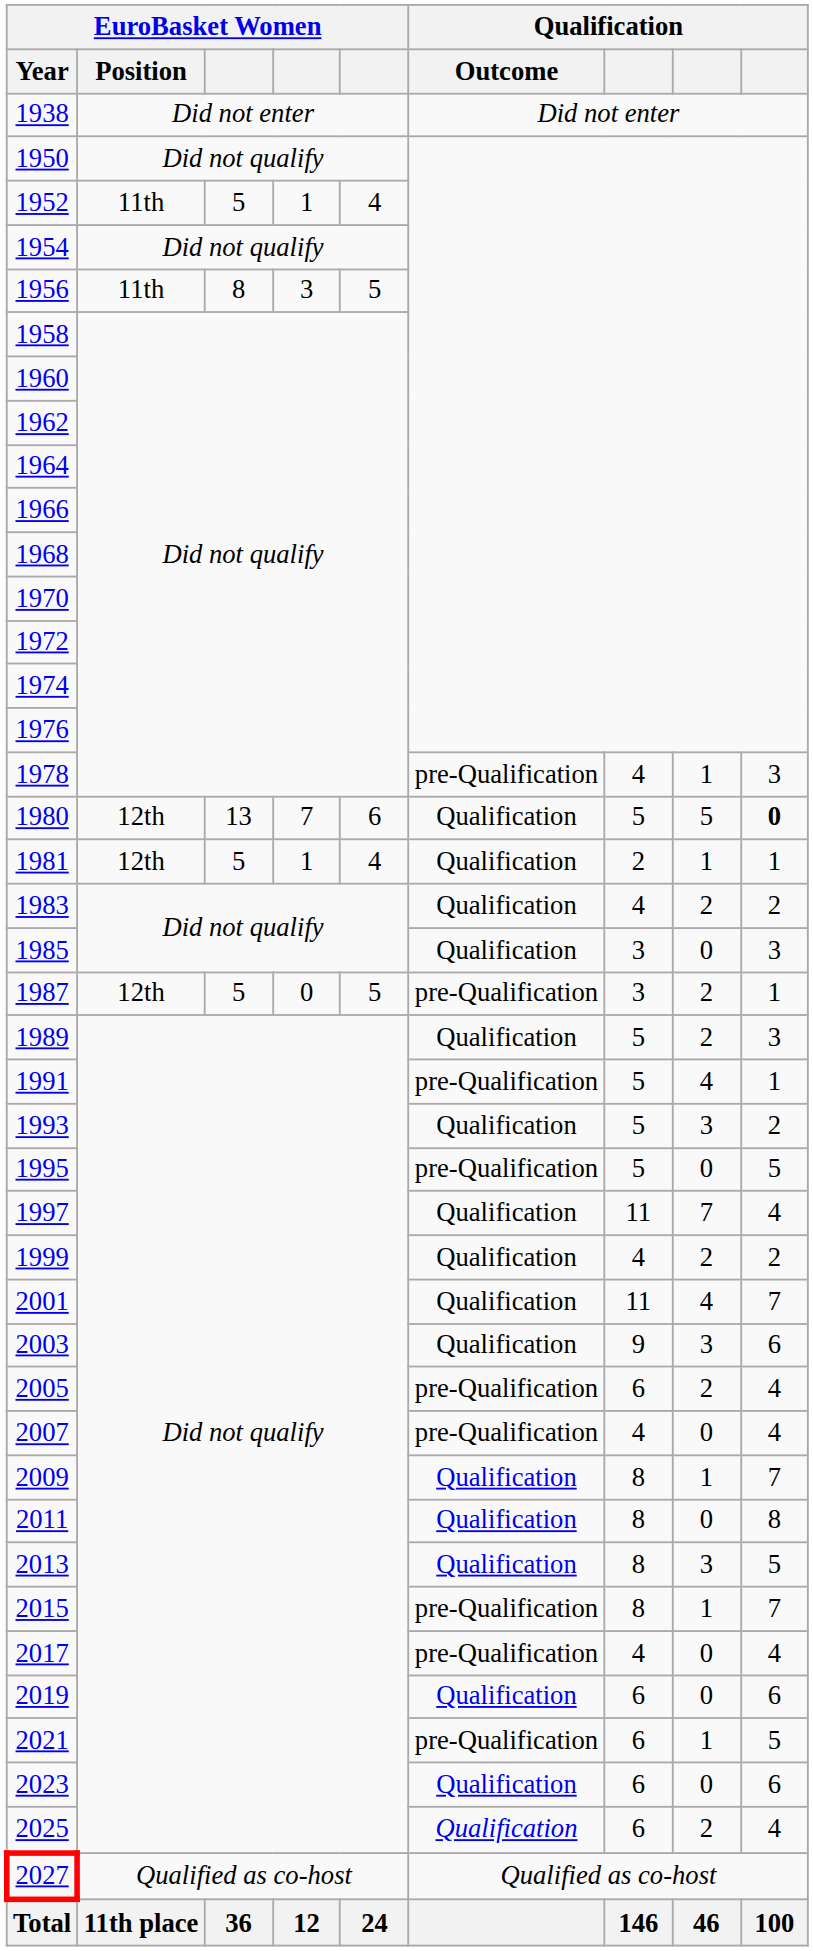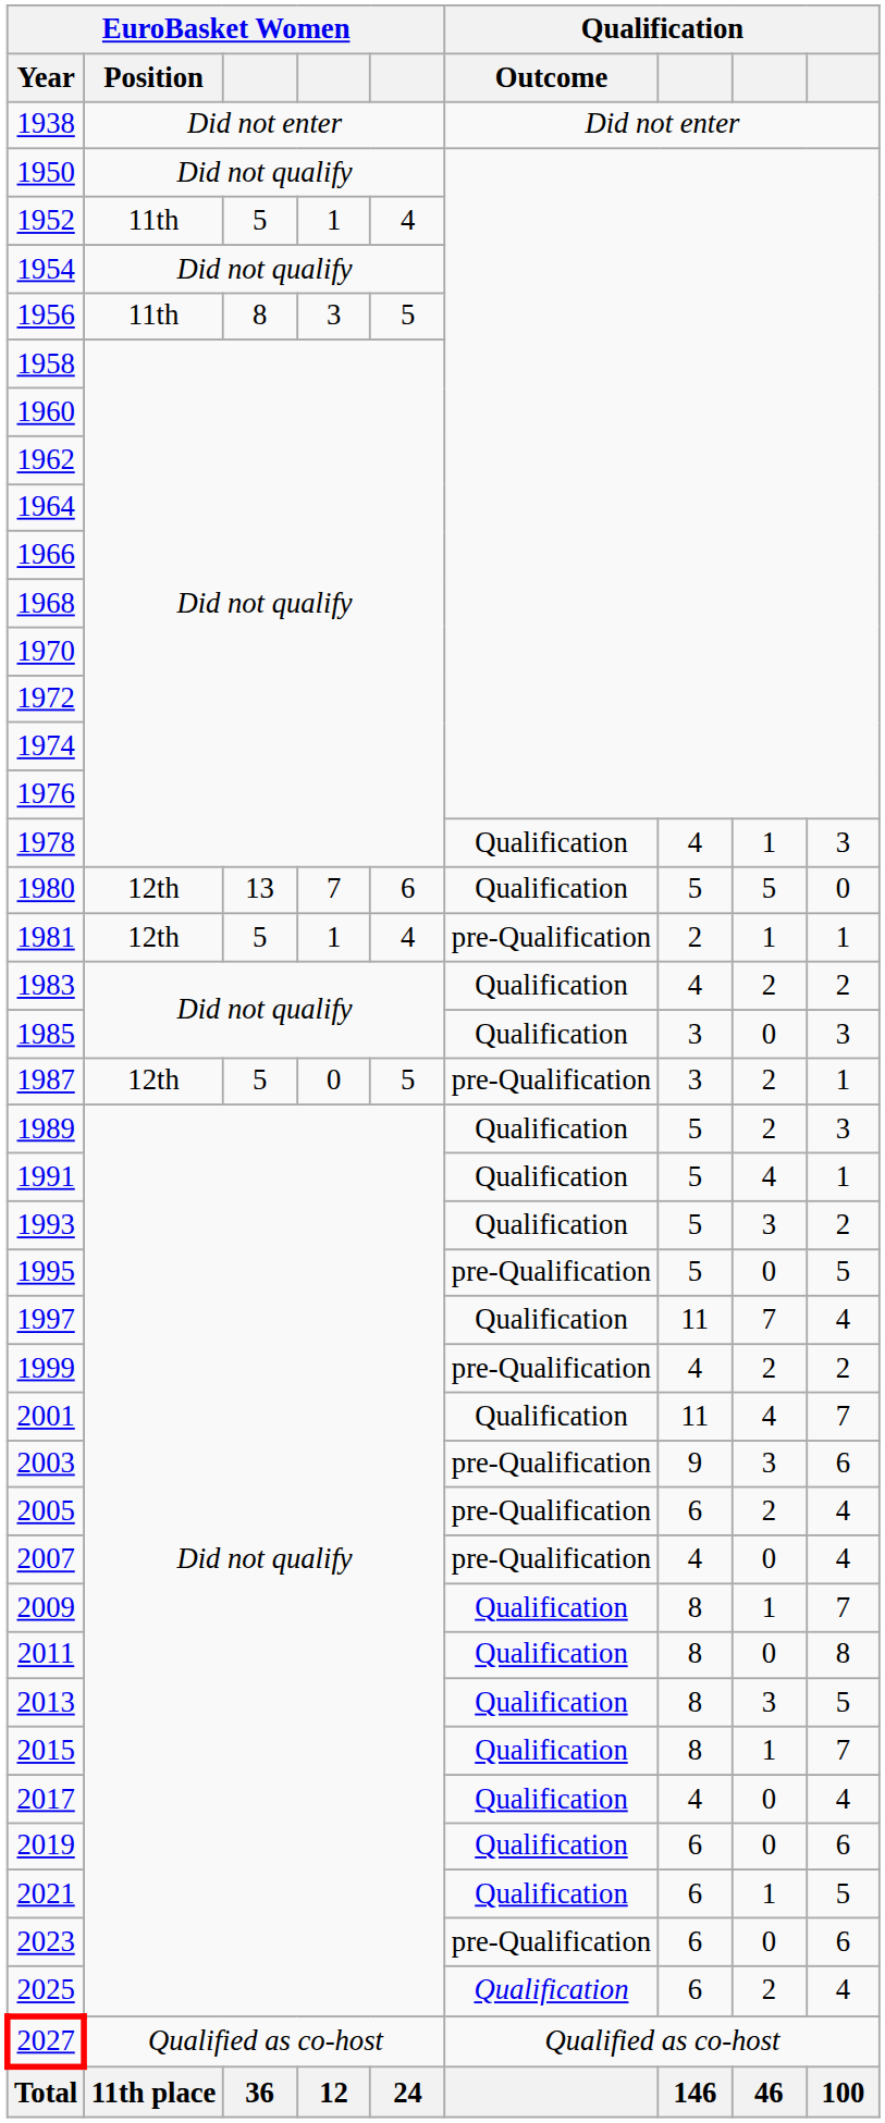 <table class="wikitable" style="text-align: center;font-size:90%;">
 <tr>
 <th colspan="5"><a href='#'>EuroBasket Women</a></th>
 <th colspan=4>Qualification</th>
 </tr>
 <tr>
 <th>Year</th>
 <th>Position</th>
 <th width="30"></th>
 <th width="30"></th>
 <th width="30"></th>
 <th>Outcome</th>
 <th width=30></th>
 <th width=30></th>
 <th width=30></th>
 </tr>
 <tr>
 <td> <a href='#'>1938</a></td>
 <td colspan="4"><em>Did not enter</em></td>
 <td colspan="4"><em>Did not enter</em></td>
 </tr>
 <tr>
 <td> <a href='#'>1950</a></td>
 <td colspan="4"><em>Did not qualify</em></td>
 </tr>
 <tr>
 <td> <a href='#'>1952</a></td>
 <td>11th</td>
 <td>5</td>
 <td>1</td>
 <td>4</td>
 </tr>
 <tr>
 <td> <a href='#'>1954</a></td>
 <td colspan="4"><em>Did not qualify</em></td>
 </tr>
 <tr>
 <td> <a href='#'>1956</a></td>
 <td>11th</td>
 <td>8</td>
 <td>3</td>
 <td>5</td>
 </tr>
 <tr>
 <td> <a href='#'>1958</a></td>
 <td colspan="4" rowspan="11"><em>Did not qualify</em></td>
 </tr>
 <tr>
 <td> <a href='#'>1960</a></td>
 </tr>
 <tr>
 <td> <a href='#'>1962</a></td>
 </tr>
 <tr>
 <td> <a href='#'>1964</a></td>
 </tr>
 <tr>
 <td> <a href='#'>1966</a></td>
 </tr>
 <tr>
 <td> <a href='#'>1968</a></td>
 </tr>
 <tr>
 <td> <a href='#'>1970</a></td>
 </tr>
 <tr>
 <td> <a href='#'>1972</a></td>
 </tr>
 <tr>
 <td> <a href='#'>1974</a></td>
 </tr>
 <tr>
 <td> <a href='#'>1976</a></td>
 </tr>
 <tr>
 <td> <a href='#'>1978</a></td>
-<td>pre-Qualification</td>
+<td>Qualification</td>
 <td>4</td>
 <td>1</td>
 <td>3</td>
 </tr>
 <tr>
 <td> <a href='#'>1980</a></td>
 <td>12th</td>
 <td>13</td>
 <td>7</td>
 <td>6</td>
 <td>Qualification</td>
 <td>5</td>
 <td>5</td>
-<td><strong>0</strong></td>
+<td>0</td>
 </tr>
 <tr>
 <td> <a href='#'>1981</a></td>
 <td>12th</td>
 <td>5</td>
 <td>1</td>
 <td>4</td>
-<td>Qualification</td>
+<td>pre-Qualification</td>
 <td>2</td>
 <td>1</td>
 <td>1</td>
 </tr>
 <tr>
 <td> <a href='#'>1983</a></td>
 <td colspan="4" rowspan="2"><em>Did not qualify</em></td>
 <td>Qualification</td>
 <td>4</td>
 <td>2</td>
 <td>2</td>
 </tr>
 <tr>
 <td> <a href='#'>1985</a></td>
 <td>Qualification</td>
 <td>3</td>
 <td>0</td>
 <td>3</td>
 </tr>
 <tr>
 <td> <a href='#'>1987</a></td>
 <td>12th</td>
 <td>5</td>
 <td>0</td>
 <td>5</td>
 <td>pre-Qualification</td>
 <td>3</td>
 <td>2</td>
 <td>1</td>
 </tr>
 <tr>
 <td> <a href='#'>1989</a></td>
 <td colspan="4" rowspan="19"><em>Did not qualify</em></td>
 <td>Qualification</td>
 <td>5</td>
 <td>2</td>
 <td>3</td>
 </tr>
 <tr>
 <td> <a href='#'>1991</a></td>
-<td>pre-Qualification</td>
+<td>Qualification</td>
 <td>5</td>
 <td>4</td>
 <td>1</td>
 </tr>
 <tr>
 <td> <a href='#'>1993</a></td>
 <td>Qualification</td>
 <td>5</td>
 <td>3</td>
 <td>2</td>
 </tr>
 <tr>
 <td> <a href='#'>1995</a></td>
 <td>pre-Qualification</td>
 <td>5</td>
 <td>0</td>
 <td>5</td>
 </tr>
 <tr>
 <td> <a href='#'>1997</a></td>
 <td>Qualification</td>
 <td>11</td>
 <td>7</td>
 <td>4</td>
 </tr>
 <tr>
 <td> <a href='#'>1999</a></td>
-<td>Qualification</td>
+<td>pre-Qualification</td>
 <td>4</td>
 <td>2</td>
 <td>2</td>
 </tr>
 <tr>
 <td> <a href='#'>2001</a></td>
 <td>Qualification</td>
 <td>11</td>
 <td>4</td>
 <td>7</td>
 </tr>
 <tr>
 <td> <a href='#'>2003</a></td>
-<td>Qualification</td>
+<td>pre-Qualification</td>
 <td>9</td>
 <td>3</td>
 <td>6</td>
 </tr>
 <tr>
 <td> <a href='#'>2005</a></td>
 <td>pre-Qualification</td>
 <td>6</td>
 <td>2</td>
 <td>4</td>
 </tr>
 <tr>
 <td> <a href='#'>2007</a></td>
 <td>pre-Qualification</td>
 <td>4</td>
 <td>0</td>
 <td>4</td>
 </tr>
 <tr>
 <td> <a href='#'>2009</a></td>
 <td><a href='#'>Qualification</a></td>
 <td>8</td>
 <td>1</td>
 <td>7</td>
 </tr>
 <tr>
 <td> <a href='#'>2011</a></td>
 <td><a href='#'>Qualification</a></td>
 <td>8</td>
 <td>0</td>
 <td>8</td>
 </tr>
 <tr>
 <td> <a href='#'>2013</a></td>
 <td><a href='#'>Qualification</a></td>
 <td>8</td>
 <td>3</td>
 <td>5</td>
 </tr>
 <tr>
 <td> <a href='#'>2015</a></td>
-<td>pre-Qualification</td>
+<td><a href='#'>Qualification</a></td>
 <td>8</td>
 <td>1</td>
 <td>7</td>
 </tr>
 <tr>
 <td> <a href='#'>2017</a></td>
-<td>pre-Qualification</td>
+<td><a href='#'>Qualification</a></td>
 <td>4</td>
 <td>0</td>
 <td>4</td>
 </tr>
 <tr>
 <td> <a href='#'>2019</a></td>
 <td><a href='#'>Qualification</a></td>
 <td>6</td>
 <td>0</td>
 <td>6</td>
 </tr>
 <tr>
 <td> <a href='#'>2021</a></td>
-<td>pre-Qualification</td>
+<td><a href='#'>Qualification</a></td>
 <td>6</td>
 <td>1</td>
 <td>5</td>
 </tr>
 <tr>
 <td> <a href='#'>2023</a></td>
-<td><a href='#'>Qualification</a></td>
+<td>pre-Qualification</td>
 <td>6</td>
 <td>0</td>
 <td>6</td>
 </tr>
 <tr>
 <td> <a href='#'>2025</a></td>
 <td><em><a href='#'>Qualification</a></em></td>
 <td>6</td>
 <td>2</td>
 <td>4</td>
 </tr>
 <tr>
 <td style="border: 3px solid red"> <a href='#'>2027</a></td>
 <td colspan=4><em>Qualified as co-host</em></td>
 <td colspan=4><em>Qualified as co-host</em></td>
 </tr>
 <tr>
 <th>Total</th>
 <th>11th place</th>
 <th>36</th>
 <th>12</th>
 <th>24</th>
 <th></th>
 <th>146</th>
 <th>46</th>
 <th>100</th>
 </tr>
 </table>
